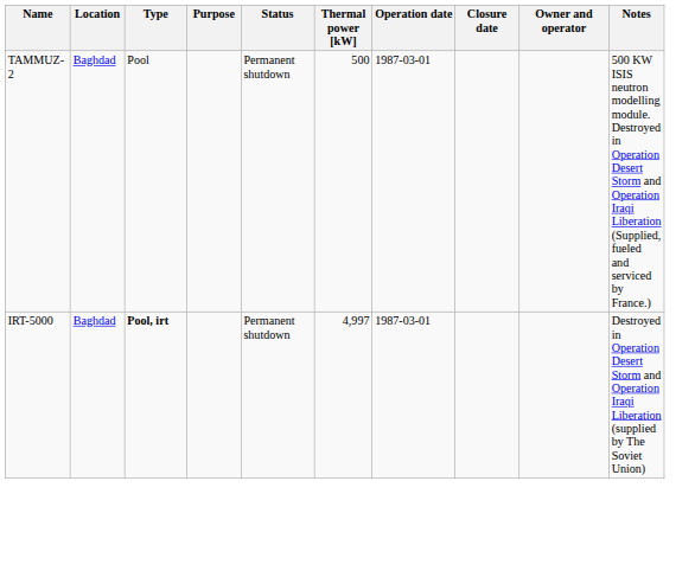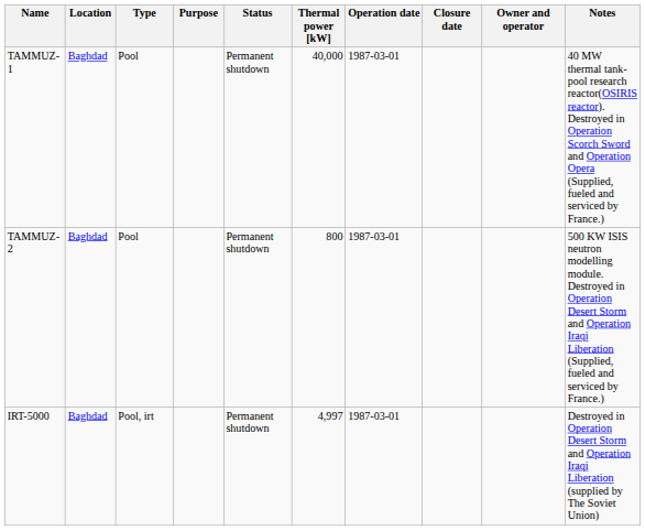 <table class="wikitable" >
 <tr valign="top">
 <th width="80">Name</th>
 <th width="65">Location</th>
 <th width="76">Type</th>
 <th width="65">Purpose</th>
 <th width="91">Status</th>
 <th width="70“">Thermal power [kW]</th>
 <th width=„67“>Operation date</th>
 <th width="78“">Closure date</th>
 <th width="113“">Owner and operator</th>
 <th width="65">Notes</th>
 </tr>
 <tr valign="top">
+<td>TAMMUZ-1</td>
+<td><a href='#'>Baghdad</a></td>
+<td>Pool</td>
+<td></td>
+<td>Permanent shutdown</td>
+<td align="right">40,000</td>
+<td>1987-03-01</td>
+<td></td>
+<td></td>
+<td>40 MW thermal tank-pool research reactor(<a href='#'>OSIRIS reactor</a>). Destroyed in <a href='#'>Operation Scorch Sword</a> and <a href='#'>Operation Opera</a> (Supplied, fueled and serviced by France.)</td>
+</tr>
+<tr valign="top">
 <td>TAMMUZ-2</td>
 <td><a href='#'>Baghdad</a></td>
 <td>Pool</td>
 <td></td>
 <td>Permanent shutdown</td>
-<td align="right">500</td>
+<td align="right">800</td>
 <td>1987-03-01</td>
 <td></td>
 <td></td>
 <td>500 KW ISIS neutron modelling module. Destroyed in <a href='#'>Operation Desert Storm</a> and <a href='#'>Operation Iraqi Liberation</a> (Supplied, fueled and serviced by France.)</td>
 </tr>
 <tr valign="top">
 <td>IRT-5000</td>
 <td><a href='#'>Baghdad</a></td>
-<td><strong>Pool, irt</strong></td>
+<td>Pool, irt</td>
 <td></td>
 <td>Permanent shutdown</td>
 <td align="right">4,997</td>
 <td>1987-03-01</td>
 <td></td>
 <td></td>
 <td>Destroyed in <a href='#'>Operation Desert Storm</a> and <a href='#'>Operation Iraqi Liberation</a> (supplied by The Soviet Union)</td>
 </tr>
 </table>
